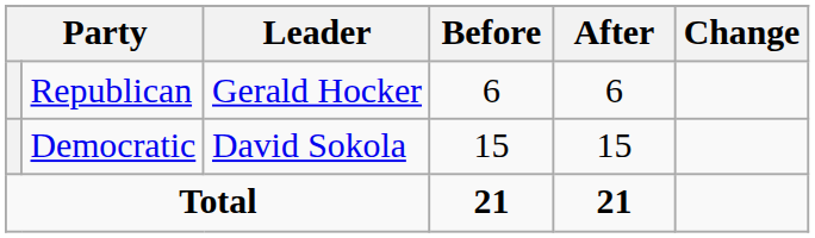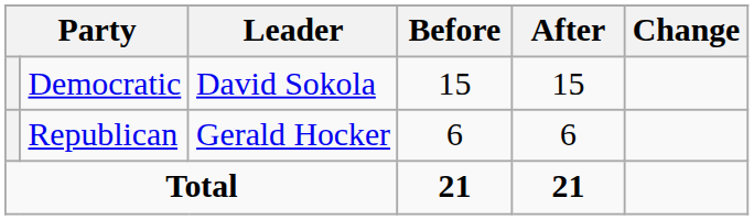 <table class="wikitable" style="text-align:center;">
 <tr>
 </tr>
 <tr>
 <th colspan="2">Party</th>
 <th>Leader</th>
 <th style="width:3em">Before</th>
 <th style="width:3em">After</th>
 <th style="width:3em">Change</th>
 </tr>
 <tr>
 <th style="background-color:"></th>
+<td style="text-align:left;"><a href='#'>Democratic</a></td>
+<td style="text-align:left;"><a href='#'>David Sokola</a></td>
+<td>15</td>
+<td>15</td>
+<td></td>
+</tr>
+<tr>
+<th style="background-color:"></th>
 <td style="text-align:left;"><a href='#'>Republican</a></td>
 <td style="text-align:left;"><a href='#'>Gerald Hocker</a></td>
 <td>6</td>
 <td>6</td>
-<td></td>
-</tr>
-<tr>
-<th style="background-color:"></th>
-<td style="text-align:left;"><a href='#'>Democratic</a></td>
-<td style="text-align:left;"><a href='#'>David Sokola</a></td>
-<td>15</td>
-<td>15</td>
 <td></td>
 </tr>
 <tr>
 <td colspan="3"><strong>Total</strong></td>
 <td><strong>21</strong></td>
 <td><strong>21</strong></td>
 <td></td>
 </tr>
 </table>
